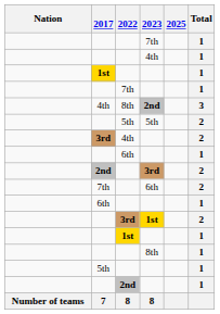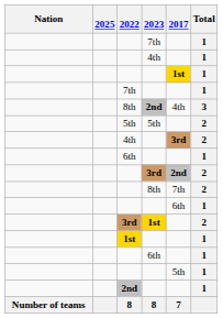 <table class="wikitable" style="text-align:center; font-size:90%">
 <tr>
 <th width=120px>Nation</th>
-<th><br><a href='#'>2017</a></th>
+<th><br><a href='#'>2025</a></th>
 <th><br><a href='#'>2022</a></th>
 <th><br><a href='#'>2023</a></th>
-<th><br><a href='#'>2025</a></th>
+<th><br><a href='#'>2017</a></th>
 <th>Total</th>
 </tr>
 <tr>
 <td align=left></td>
 <td></td>
 <td></td>
 <td>7th</td>
 <td></td>
 <th>1</th>
 </tr>
 <tr>
 <td align=left></td>
 <td></td>
 <td></td>
 <td>4th</td>
 <td></td>
 <th>1</th>
 </tr>
 <tr>
 <td align=left></td>
-<td bgcolor=gold><strong>1st</strong></td>
 <td></td>
 <td></td>
 <td></td>
+<td bgcolor=gold><strong>1st</strong></td>
 <th>1</th>
 </tr>
 <tr>
 <td align=left></td>
 <td></td>
 <td>7th</td>
 <td></td>
 <td></td>
 <th>1</th>
 </tr>
 <tr>
 <td align=left></td>
-<td>4th</td>
+<td></td>
 <td>8th</td>
 <td bgcolor=silver><strong>2nd</strong></td>
-<td></td>
+<td>4th</td>
 <th>3</th>
 </tr>
 <tr>
 <td align=left></td>
 <td></td>
 <td>5th</td>
 <td>5th</td>
 <td></td>
 <th>2</th>
 </tr>
 <tr>
 <td align=left></td>
-<td bgcolor=#cc9966><strong>3rd</strong></td>
+<td></td>
 <td>4th</td>
 <td></td>
-<td></td>
+<td bgcolor=#cc9966><strong>3rd</strong></td>
 <th>2</th>
 </tr>
 <tr>
 <td align=left></td>
 <td></td>
 <td>6th</td>
 <td></td>
 <td></td>
 <th>1</th>
 </tr>
 <tr>
 <td align=left></td>
-<td bgcolor=silver><strong>2nd</strong></td>
+<td></td>
 <td></td>
 <td bgcolor=#cc9966><strong>3rd</strong></td>
-<td></td>
+<td bgcolor=silver><strong>2nd</strong></td>
 <th>2</th>
 </tr>
 <tr>
 <td align=left></td>
+<td></td>
+<td></td>
+<td>8th</td>
 <td>7th</td>
-<td></td>
-<td>6th</td>
-<td></td>
 <th>2</th>
 </tr>
 <tr>
 <td align=left></td>
-<td>6th</td>
 <td></td>
 <td></td>
 <td></td>
+<td>6th</td>
 <th>1</th>
 </tr>
 <tr>
 <td align=left></td>
 <td></td>
 <td bgcolor=#cc9966><strong>3rd</strong></td>
 <td bgcolor=gold><strong>1st</strong></td>
 <td></td>
 <th>2</th>
 </tr>
 <tr>
 <td align=left></td>
 <td></td>
 <td bgcolor=gold><strong>1st</strong></td>
 <td></td>
 <td></td>
 <th>1</th>
 </tr>
 <tr>
 <td align=left></td>
 <td></td>
 <td></td>
-<td>8th</td>
+<td>6th</td>
 <td></td>
 <th>1</th>
 </tr>
 <tr>
 <td align=left></td>
-<td>5th</td>
 <td></td>
 <td></td>
 <td></td>
+<td>5th</td>
 <th>1</th>
 </tr>
 <tr>
 <td align=left></td>
 <td></td>
 <td bgcolor=silver><strong>2nd</strong></td>
 <td></td>
 <td></td>
 <th>1</th>
 </tr>
 <tr>
 <th>Number of teams</th>
-<th>7</th>
+<th></th>
 <th>8</th>
 <th>8</th>
-<th></th>
+<th>7</th>
 <th></th>
 </tr>
 </table>
